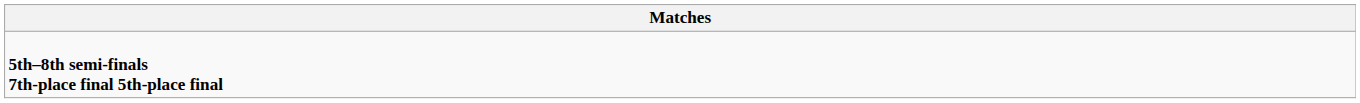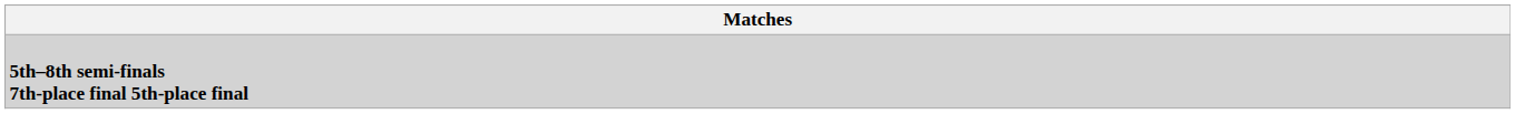 <table class="wikitable collapsible expanded" style="width:100%;">
 <tr>
 <th>Matches</th>
 </tr>
 <tr>
-<td><br><strong>5th–8th semi-finals</strong>  <br><strong>7th-place final</strong>  <strong>5th-place final</strong> </td>
+<td style="background: lightgrey;"><br><strong>5th–8th semi-finals</strong>  <br><strong>7th-place final</strong>  <strong>5th-place final</strong> </td>
 </tr>
 </table>
